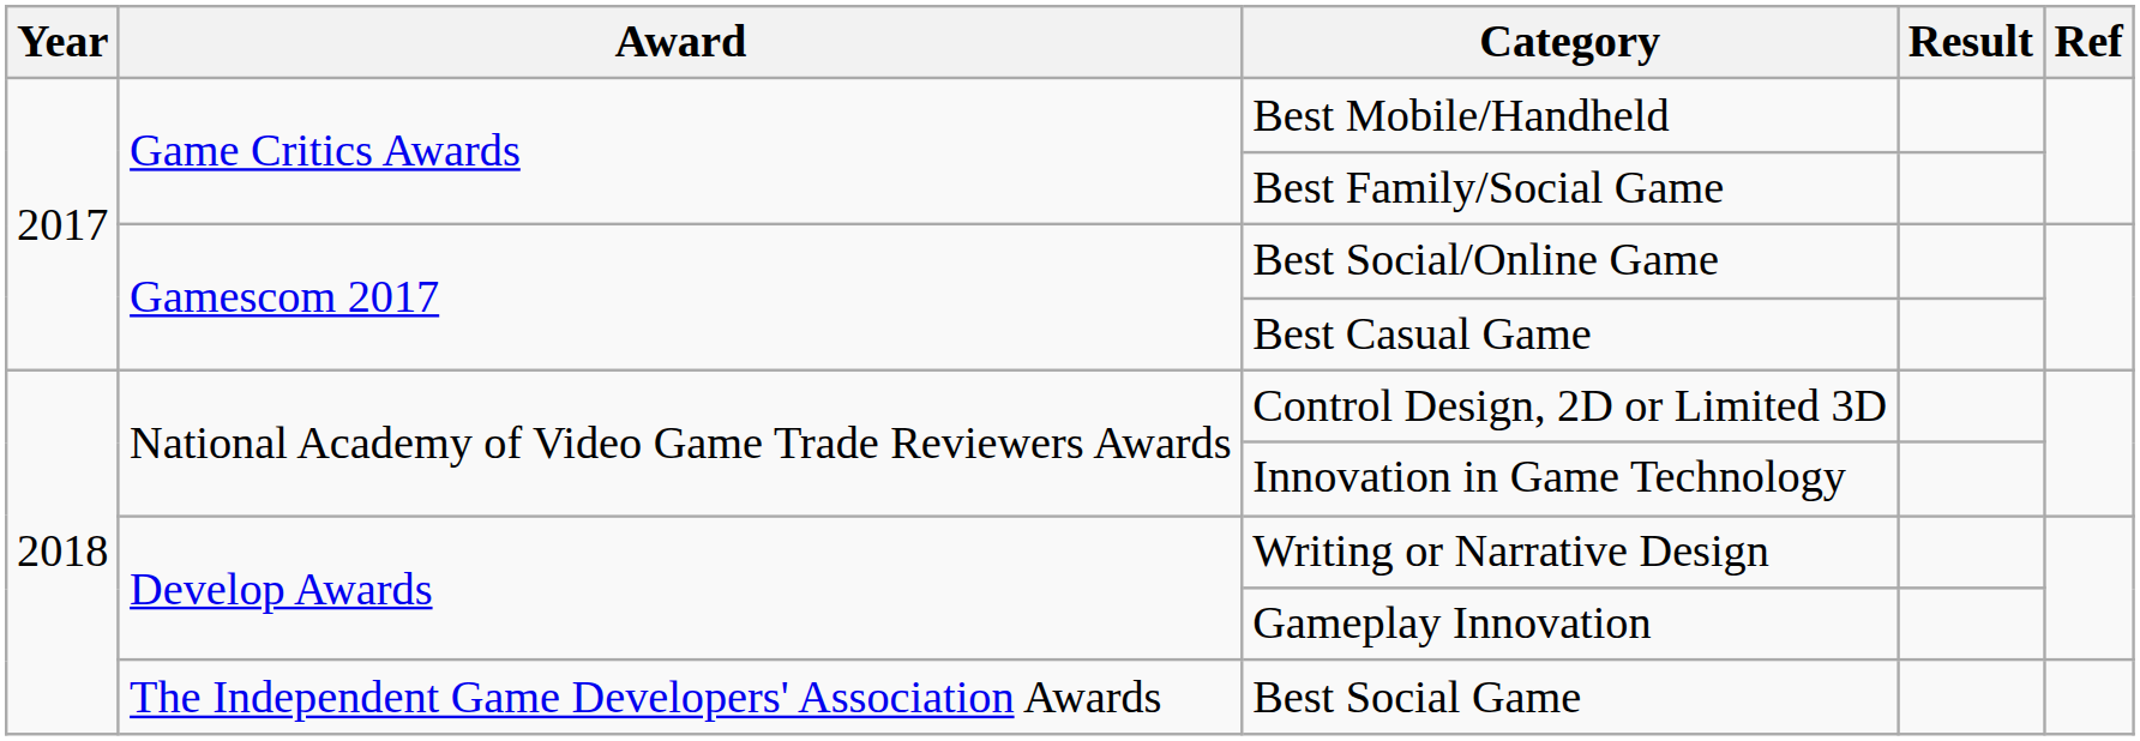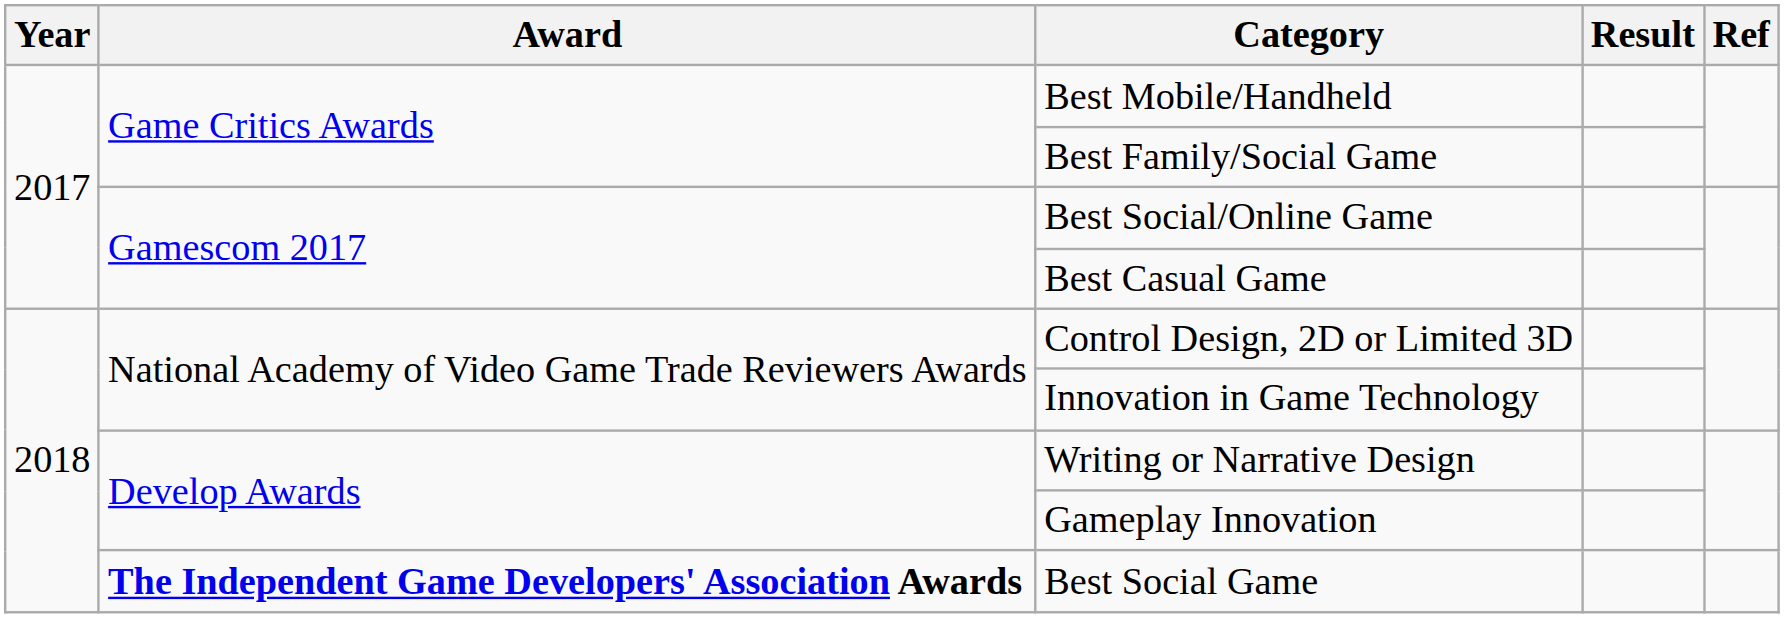 <table class="wikitable sortable">
 <tr>
 <th>Year</th>
 <th>Award</th>
 <th>Category</th>
 <th>Result</th>
 <th>Ref</th>
 </tr>
 <tr>
 <td style="text-align:center;" rowspan="4">2017</td>
 <td rowspan="2"><a href='#'>Game Critics Awards</a></td>
 <td>Best Mobile/Handheld</td>
 <td></td>
 <td rowspan="2" style="text-align:center;"></td>
 </tr>
 <tr>
 <td>Best Family/Social Game</td>
 <td></td>
 </tr>
 <tr>
 <td rowspan="2"><a href='#'>Gamescom 2017</a></td>
 <td>Best Social/Online Game</td>
 <td></td>
 <td rowspan="2" style="text-align:center;"></td>
 </tr>
 <tr>
 <td>Best Casual Game</td>
 <td></td>
 </tr>
 <tr>
 <td style="text-align:center;" rowspan="5">2018</td>
 <td rowspan="2">National Academy of Video Game Trade Reviewers Awards</td>
 <td>Control Design, 2D or Limited 3D</td>
 <td></td>
 <td rowspan="2" style="text-align:center;"></td>
 </tr>
 <tr>
 <td>Innovation in Game Technology</td>
 <td></td>
 </tr>
 <tr>
 <td rowspan="2"><a href='#'>Develop Awards</a></td>
 <td>Writing or Narrative Design</td>
 <td></td>
 <td rowspan="2" style="text-align:center;"></td>
 </tr>
 <tr>
 <td>Gameplay Innovation</td>
 <td></td>
 </tr>
 <tr>
-<td><a href='#'>The Independent Game Developers' Association</a> Awards</td>
+<td><strong><a href='#'>The Independent Game Developers' Association</a> Awards</strong></td>
 <td>Best Social Game</td>
 <td></td>
 <td style="text-align:center;"></td>
 </tr>
 </table>
